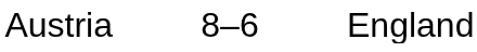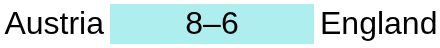 <table style="text-align:center">
 <tr>
 <th width=200></th>
 <th width=100></th>
 <th width=200></th>
 </tr>
 <tr>
 <td align=right>Austria </td>
-<td>8–6</td>
+<td style="background: paleturquoise;">8–6</td>
 <td align=left> England</td>
 </tr>
 </table>
